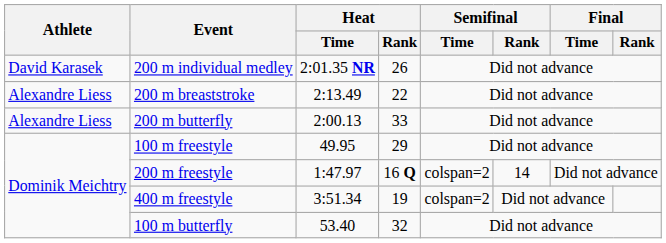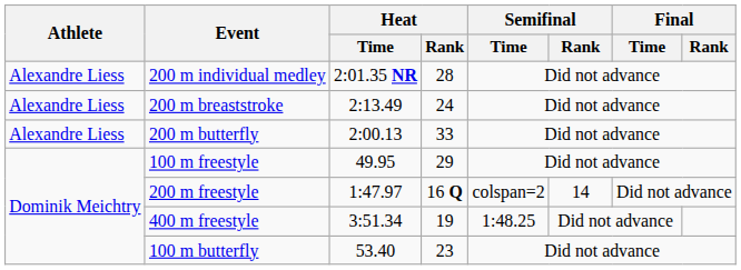 <table class=wikitable style="font-size:90%">
 <tr>
 <th rowspan="2">Athlete</th>
 <th rowspan="2">Event</th>
 <th colspan="2">Heat</th>
 <th colspan="2">Semifinal</th>
 <th colspan="2">Final</th>
 </tr>
 <tr style="font-size:95%">
 <th>Time</th>
 <th>Rank</th>
 <th>Time</th>
 <th>Rank</th>
 <th>Time</th>
 <th>Rank</th>
 </tr>
 <tr align=center>
-<td align=left><a href='#'>David Karasek</a></td>
+<td align=left><a href='#'>Alexandre Liess</a></td>
 <td align=left><a href='#'>200 m individual medley</a></td>
 <td>2:01.35 <strong><a href='#'>NR</a></strong></td>
-<td>26</td>
+<td>28</td>
 <td colspan=4>Did not advance</td>
 </tr>
 <tr align=center>
 <td align=left><a href='#'>Alexandre Liess</a></td>
 <td align=left><a href='#'>200 m breaststroke</a></td>
 <td>2:13.49</td>
-<td>22</td>
+<td>24</td>
 <td colspan=4>Did not advance</td>
 </tr>
 <tr align=center>
 <td align=left><a href='#'>Alexandre Liess</a></td>
 <td align=left><a href='#'>200 m butterfly</a></td>
 <td>2:00.13</td>
 <td>33</td>
 <td colspan=4>Did not advance</td>
 </tr>
 <tr align=center>
 <td align=left rowspan=4><a href='#'>Dominik Meichtry</a></td>
 <td align=left><a href='#'>100 m freestyle</a></td>
 <td>49.95</td>
 <td>29</td>
 <td colspan=4>Did not advance</td>
 </tr>
 <tr align=center>
 <td align=left><a href='#'>200 m freestyle</a></td>
 <td>1:47.97</td>
 <td>16 <strong>Q</strong></td>
 <td>colspan=2 </td>
 <td>14</td>
 <td colspan=2>Did not advance</td>
 </tr>
 <tr align=center>
 <td align=left><a href='#'>400 m freestyle</a></td>
 <td>3:51.34</td>
 <td>19</td>
-<td>colspan=2 </td>
+<td>1:48.25</td>
 <td colspan=2>Did not advance</td>
 </tr>
 <tr align=center>
 <td align=left><a href='#'>100 m butterfly</a></td>
 <td>53.40</td>
-<td>32</td>
+<td>23</td>
 <td colspan=4>Did not advance</td>
 </tr>
 </table>
